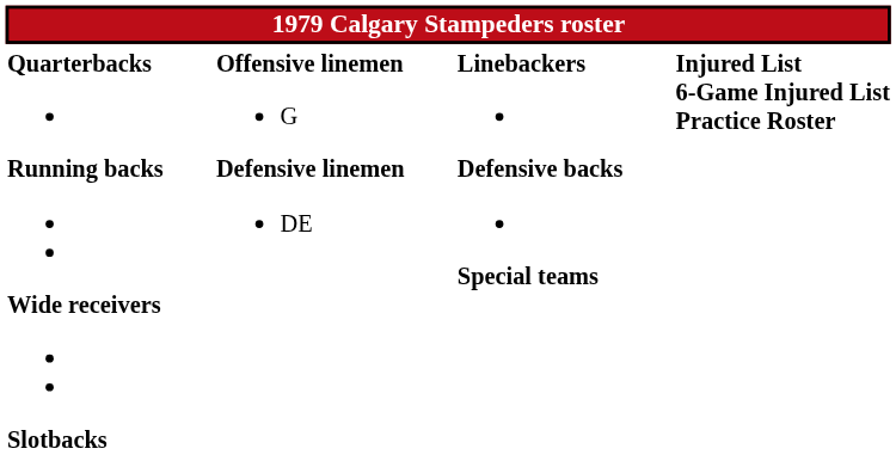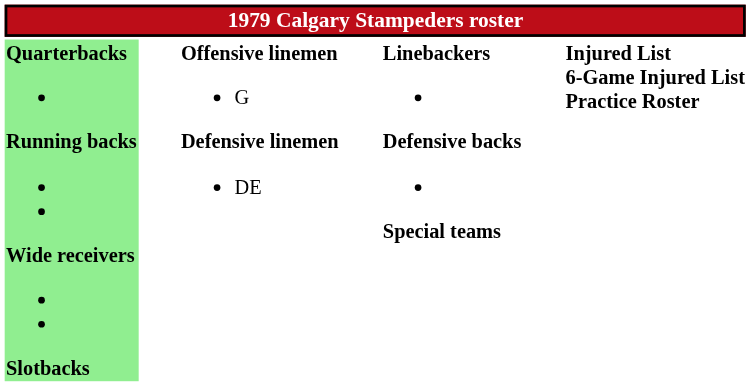 <table class="toccolours" style="text-align: left;">
 <tr>
 <th colspan="9" style="background-color: #BD0D18; color:white; border:2px solid black; text-align: center">1979 Calgary Stampeders roster</th>
 </tr>
 <tr>
-<td style="font-size: 95%;vertical-align:top;"><strong>Quarterbacks</strong><br><ul><li></li></ul><strong>Running backs</strong><ul><li></li><li></li></ul><strong>Wide receivers</strong><ul><li></li><li></li></ul><strong>Slotbacks</strong></td>
+<td style="background: lightgreen; font-size: 95%;vertical-align:top;"><strong>Quarterbacks</strong><br><ul><li></li></ul><strong>Running backs</strong><ul><li></li><li></li></ul><strong>Wide receivers</strong><ul><li></li><li></li></ul><strong>Slotbacks</strong></td>
 <td style="width: 25px;"></td>
 <td style="font-size: 95%;vertical-align:top;"><strong>Offensive linemen</strong><br><ul><li> G</li></ul><strong>Defensive linemen</strong><ul><li> DE</li></ul></td>
 <td style="width: 25px;"></td>
 <td style="font-size: 95%;vertical-align:top;"><strong>Linebackers </strong><br><ul><li></li></ul><strong>Defensive backs</strong><ul><li></li></ul><strong>Special teams</strong></td>
 <td style="width: 25px;"></td>
 <td style="font-size: 95%;vertical-align:top;"><strong>Injured List</strong><br><strong>6-Game Injured List</strong><br><strong>Practice Roster</strong><br></td>
 </tr>
 <tr>
 </tr>
 </table>
